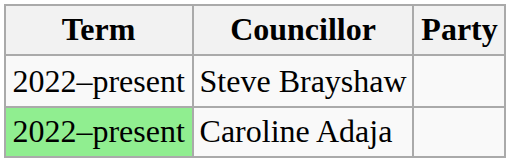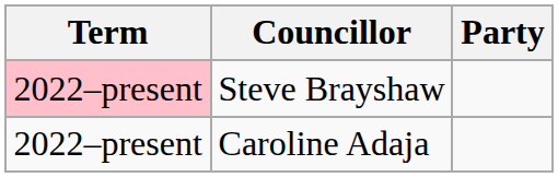 <table class="wikitable">
 <tr>
 <th>Term</th>
 <th>Councillor</th>
 <th colspan=2>Party</th>
 </tr>
 <tr>
-<td>2022–present</td>
+<td style="background: pink;">2022–present</td>
 <td>Steve Brayshaw</td>
 <td></td>
 </tr>
 <tr>
-<td style="background: lightgreen;">2022–present</td>
+<td>2022–present</td>
 <td>Caroline Adaja</td>
 <td></td>
 </tr>
 </table>
